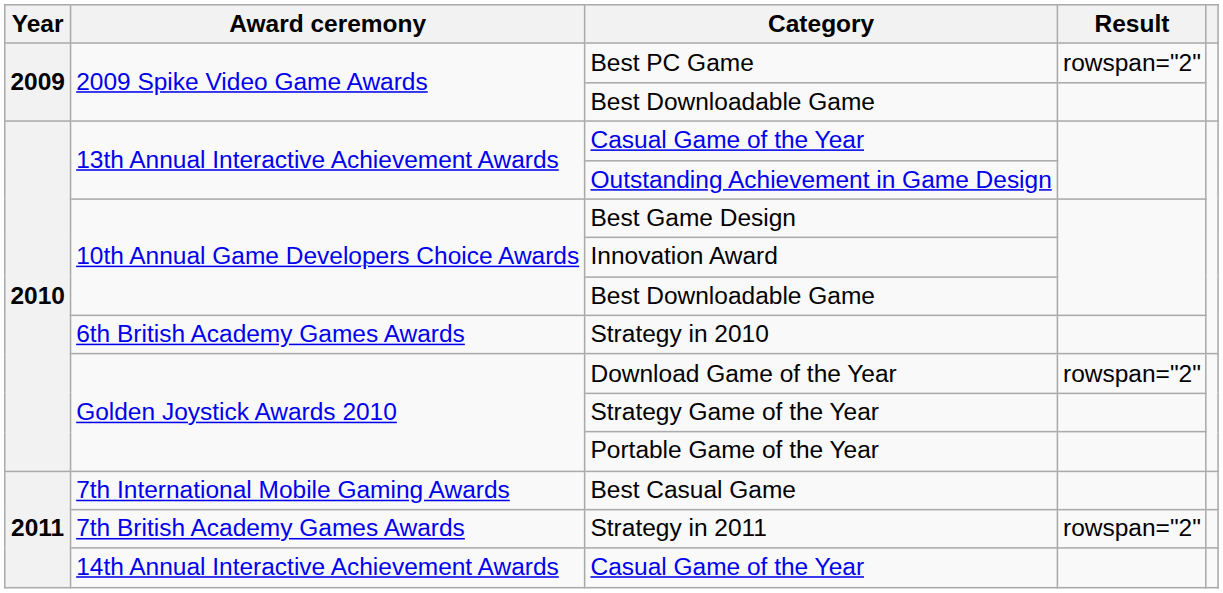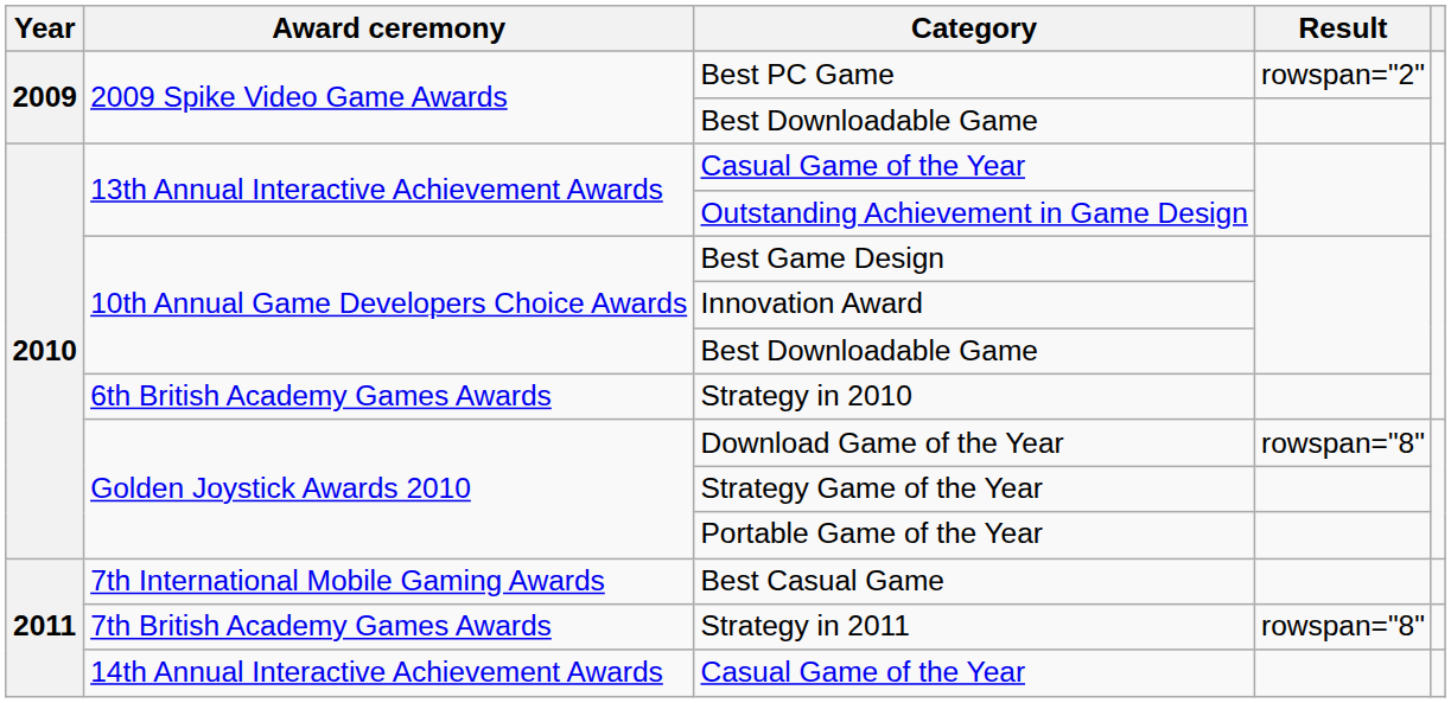 <table class="wikitable plainrowheaders sortable" width="auto">
 <tr>
 <th scope="col">Year</th>
 <th scope="col">Award ceremony</th>
 <th scope="col">Category</th>
 <th scope="col">Result</th>
 <th scope="col" class="unsortable"></th>
 </tr>
 <tr>
 <th scope="row" rowspan="2">2009</th>
 <td rowspan="2"><a href='#'>2009 Spike Video Game Awards</a></td>
 <td>Best PC Game</td>
 <td>rowspan="2" </td>
 <td rowspan="2"></td>
 </tr>
 <tr>
 <td>Best Downloadable Game</td>
 </tr>
 <tr>
 <th scope="row" rowspan="9">2010</th>
 <td rowspan="2"><a href='#'>13th Annual Interactive Achievement Awards</a></td>
 <td><a href='#'>Casual Game of the Year</a></td>
 <td rowspan="2"></td>
 </tr>
 <tr>
 <td><a href='#'>Outstanding Achievement in Game Design</a></td>
 </tr>
 <tr>
 <td rowspan="3"><a href='#'>10th Annual Game Developers Choice Awards</a></td>
 <td>Best Game Design</td>
 <td rowspan="3"></td>
 </tr>
 <tr>
 <td>Innovation Award</td>
 </tr>
 <tr>
 <td>Best Downloadable Game</td>
 </tr>
 <tr>
 <td><a href='#'>6th British Academy Games Awards</a></td>
 <td>Strategy in 2010</td>
 <td></td>
 </tr>
 <tr>
 <td rowspan="3"><a href='#'>Golden Joystick Awards 2010</a></td>
 <td>Download Game of the Year</td>
-<td>rowspan="2" </td>
+<td>rowspan="8" </td>
 <td rowspan="3"></td>
 </tr>
 <tr>
 <td>Strategy Game of the Year</td>
 </tr>
 <tr>
 <td>Portable Game of the Year</td>
 <td></td>
 </tr>
 <tr>
 <th scope="row" rowspan="3">2011</th>
 <td><a href='#'>7th International Mobile Gaming Awards</a></td>
 <td>Best Casual Game</td>
 <td></td>
 <td></td>
 </tr>
 <tr>
 <td><a href='#'>7th British Academy Games Awards</a></td>
 <td>Strategy in 2011</td>
-<td>rowspan="2" </td>
+<td>rowspan="8" </td>
 <td></td>
 </tr>
 <tr>
 <td><a href='#'>14th Annual Interactive Achievement Awards</a></td>
 <td><a href='#'>Casual Game of the Year</a></td>
 <td></td>
 </tr>
 </table>
